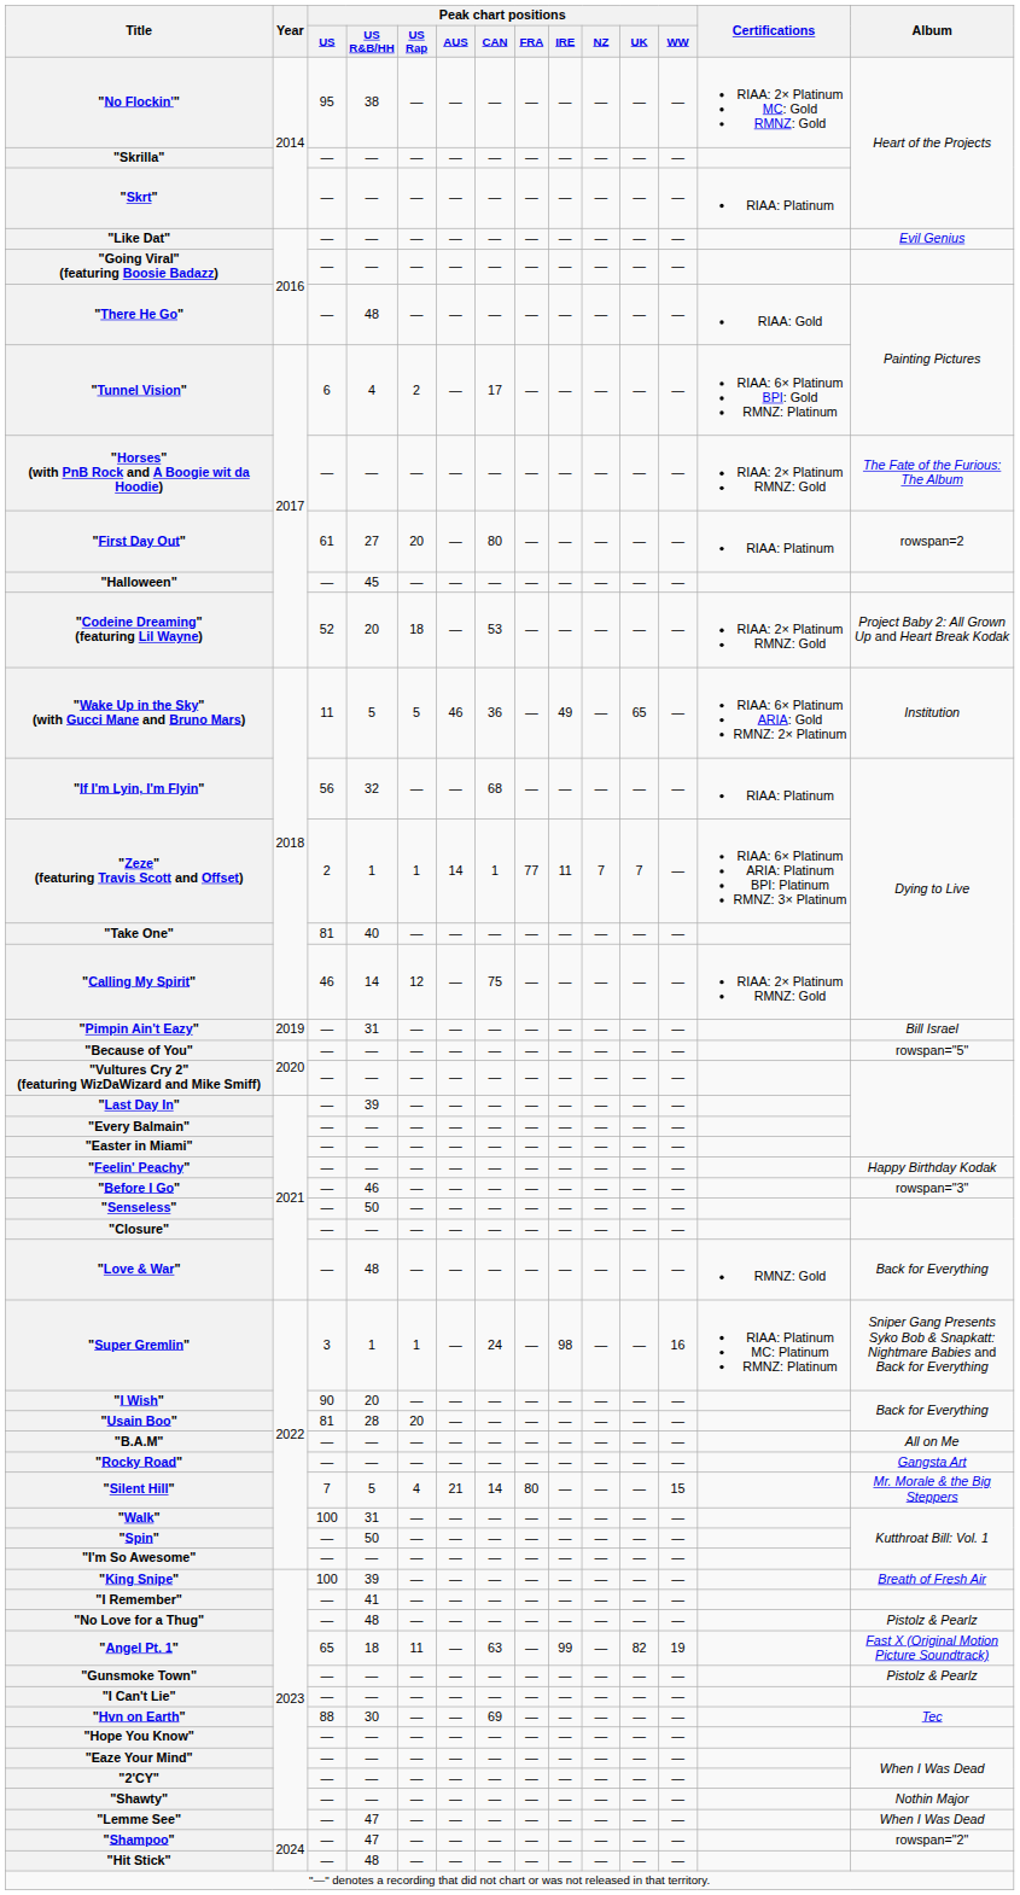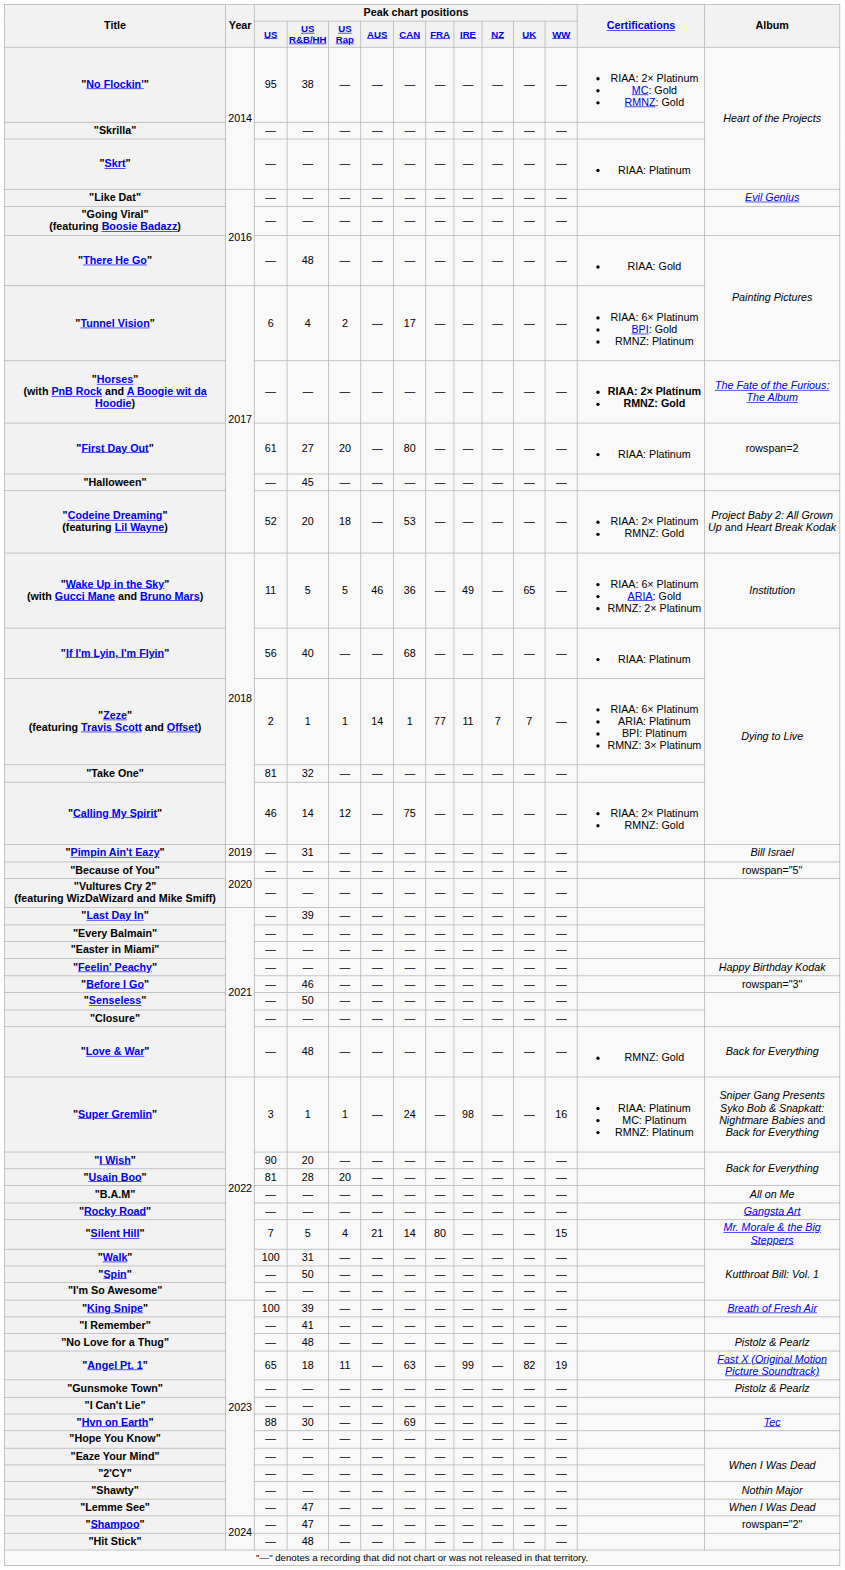 <table class="wikitable plainrowheaders" style="text-align:center;">
 <tr>
 <th rowspan="2" style="width:22em;">Title</th>
 <th scope="col" rowspan="2" style="width:1em;">Year</th>
 <th scope="col" colspan="10">Peak chart positions</th>
 <th scope="col" rowspan="2" style="width:12em;"><a href='#'>Certifications</a></th>
 <th scope="col" rowspan="2" style="width:13em;">Album</th>
 </tr>
 <tr>
 <th scope="col" style="width:3em;font-size:90%;"><a href='#'>US</a><br></th>
 <th scope="col" style="width:3em;font-size:90%;"><a href='#'>US R&B/HH</a><br></th>
 <th scope="col" style="width:3em;font-size:90%;"><a href='#'>US<br>Rap</a><br></th>
 <th scope="col" style="width:3em;font-size:90%;"><a href='#'>AUS</a><br></th>
 <th scope="col" style="width:3em;font-size:90%;"><a href='#'>CAN</a><br></th>
 <th scope="col" style="width:2.5em;font-size:90%;"><a href='#'>FRA</a><br></th>
 <th scope="col" style="width:2.5em;font-size:90%;"><a href='#'>IRE</a><br></th>
 <th scope="col" style="width: 3em; font-size: 90%;"><a href='#'>NZ</a><br></th>
 <th scope="col" style="width:3em;font-size:90%;"><a href='#'>UK</a><br></th>
 <th scope="col" style="width:3em;font-size:90%;"><a href='#'>WW</a><br></th>
 </tr>
 <tr>
 <th scope="row">"<a href='#'>No Flockin'</a>"</th>
 <td rowspan="3">2014</td>
 <td>95</td>
 <td>38</td>
 <td>—</td>
 <td>—</td>
 <td>—</td>
 <td>—</td>
 <td>—</td>
 <td>—</td>
 <td>—</td>
 <td>—</td>
 <td><br><ul><li>RIAA: 2× Platinum</li><li><a href='#'>MC</a>: Gold</li><li><a href='#'>RMNZ</a>: Gold</li></ul></td>
 <td rowspan="3"><em>Heart of the Projects</em></td>
 </tr>
 <tr>
 <th scope="row">"Skrilla"</th>
 <td>—</td>
 <td>—</td>
 <td>—</td>
 <td>—</td>
 <td>—</td>
 <td>—</td>
 <td>—</td>
 <td>—</td>
 <td>—</td>
 <td>—</td>
 <td></td>
 </tr>
 <tr>
 <th scope="row">"<a href='#'>Skrt</a>"</th>
 <td>—</td>
 <td>—</td>
 <td>—</td>
 <td>—</td>
 <td>—</td>
 <td>—</td>
 <td>—</td>
 <td>—</td>
 <td>—</td>
 <td>—</td>
 <td><br><ul><li>RIAA: Platinum</li></ul></td>
 </tr>
 <tr>
 <th scope="row">"Like Dat"</th>
 <td rowspan="3">2016</td>
 <td>—</td>
 <td>—</td>
 <td>—</td>
 <td>—</td>
 <td>—</td>
 <td>—</td>
 <td>—</td>
 <td>—</td>
 <td>—</td>
 <td>—</td>
 <td></td>
 <td><em><a href='#'>Evil Genius</a></em></td>
 </tr>
 <tr>
 <th scope="row">"Going Viral" <br><span>(featuring <a href='#'>Boosie Badazz</a>)</span></th>
 <td>—</td>
 <td>—</td>
 <td>—</td>
 <td>—</td>
 <td>—</td>
 <td>—</td>
 <td>—</td>
 <td>—</td>
 <td>—</td>
 <td>—</td>
 <td></td>
 <td></td>
 </tr>
 <tr>
 <th scope="row">"<a href='#'>There He Go</a>"</th>
 <td>—</td>
 <td>48</td>
 <td>—</td>
 <td>—</td>
 <td>—</td>
 <td>—</td>
 <td>—</td>
 <td>—</td>
 <td>—</td>
 <td>—</td>
 <td><br><ul><li>RIAA: Gold</li></ul></td>
 <td rowspan="2"><em>Painting Pictures</em></td>
 </tr>
 <tr>
 <th scope="row">"<a href='#'>Tunnel Vision</a>"</th>
 <td rowspan="5">2017</td>
 <td>6</td>
 <td>4</td>
 <td>2</td>
 <td>—</td>
 <td>17</td>
 <td>—</td>
 <td>—</td>
 <td>—</td>
 <td>—</td>
 <td>—</td>
 <td><br><ul><li>RIAA: 6× Platinum</li><li><a href='#'>BPI</a>: Gold</li><li>RMNZ: Platinum</li></ul></td>
 </tr>
 <tr>
 <th scope="row">"<a href='#'>Horses</a>"<br><span>(with <a href='#'>PnB Rock</a> and <a href='#'>A Boogie wit da Hoodie</a>)</span></th>
 <td>—</td>
 <td>—</td>
 <td>—</td>
 <td>—</td>
 <td>—</td>
 <td>—</td>
 <td>—</td>
 <td>—</td>
 <td>—</td>
 <td>—</td>
-<td><br><ul><li>RIAA: 2× Platinum</li><li>RMNZ: Gold</li></ul></td>
+<td><strong><br><ul><li>RIAA: 2× Platinum</li><li>RMNZ: Gold</li></ul></strong></td>
 <td><em><a href='#'>The Fate of the Furious: The Album</a></em></td>
 </tr>
 <tr>
 <th scope="row">"<a href='#'>First Day Out</a>"</th>
 <td>61</td>
 <td>27</td>
 <td>20</td>
 <td>—</td>
 <td>80</td>
 <td>—</td>
 <td>—</td>
 <td>—</td>
 <td>—</td>
 <td>—</td>
 <td><br><ul><li>RIAA: Platinum</li></ul></td>
 <td>rowspan=2 </td>
 </tr>
 <tr>
 <th scope="row">"Halloween"</th>
 <td>—</td>
 <td>45</td>
 <td>—</td>
 <td>—</td>
 <td>—</td>
 <td>—</td>
 <td>—</td>
 <td>—</td>
 <td>—</td>
 <td>—</td>
 <td></td>
 </tr>
 <tr>
 <th scope="row">"<a href='#'>Codeine Dreaming</a>"<br><span>(featuring <a href='#'>Lil Wayne</a>)</span></th>
 <td>52</td>
 <td>20</td>
 <td>18</td>
 <td>—</td>
 <td>53</td>
 <td>—</td>
 <td>—</td>
 <td>—</td>
 <td>—</td>
 <td>—</td>
 <td><br><ul><li>RIAA: 2× Platinum</li><li>RMNZ: Gold</li></ul></td>
 <td><em>Project Baby 2: All Grown Up</em> and <em>Heart Break Kodak</em></td>
 </tr>
 <tr>
 <th scope="row">"<a href='#'>Wake Up in the Sky</a>"<br><span>(with <a href='#'>Gucci Mane</a> and <a href='#'>Bruno Mars</a>)</span></th>
 <td rowspan="5">2018</td>
 <td>11</td>
 <td>5</td>
 <td>5</td>
 <td>46</td>
 <td>36</td>
 <td>—</td>
 <td>49</td>
 <td>—</td>
 <td>65</td>
 <td>—</td>
 <td><br><ul><li>RIAA: 6× Platinum</li><li><a href='#'>ARIA</a>: Gold</li><li>RMNZ: 2× Platinum</li></ul></td>
 <td><em>Institution</em></td>
 </tr>
 <tr>
 <th scope="row">"<a href='#'>If I'm Lyin, I'm Flyin</a>"</th>
 <td>56</td>
-<td>32</td>
+<td>40</td>
 <td>—</td>
 <td>—</td>
 <td>68</td>
 <td>—</td>
 <td>—</td>
 <td>—</td>
 <td>—</td>
 <td>—</td>
 <td><br><ul><li>RIAA: Platinum</li></ul></td>
 <td rowspan="4"><em>Dying to Live</em></td>
 </tr>
 <tr>
 <th scope="row">"<a href='#'>Zeze</a>"<br><span>(featuring <a href='#'>Travis Scott</a> and <a href='#'>Offset</a>)</span></th>
 <td>2</td>
 <td>1</td>
 <td>1</td>
 <td>14</td>
 <td>1</td>
 <td>77</td>
 <td>11</td>
 <td>7</td>
 <td>7</td>
 <td>—</td>
 <td><br><ul><li>RIAA: 6× Platinum</li><li>ARIA: Platinum</li><li>BPI: Platinum</li><li>RMNZ: 3× Platinum</li></ul></td>
 </tr>
 <tr>
 <th scope="row">"Take One"</th>
 <td>81</td>
-<td>40</td>
+<td>32</td>
 <td>—</td>
 <td>—</td>
 <td>—</td>
 <td>—</td>
 <td>—</td>
 <td>—</td>
 <td>—</td>
 <td>—</td>
 <td></td>
 </tr>
 <tr>
 <th scope="row">"<a href='#'>Calling My Spirit</a>"</th>
 <td>46</td>
 <td>14</td>
 <td>12</td>
 <td>—</td>
 <td>75</td>
 <td>—</td>
 <td>—</td>
 <td>—</td>
 <td>—</td>
 <td>—</td>
 <td><br><ul><li>RIAA: 2× Platinum</li><li>RMNZ: Gold</li></ul></td>
 </tr>
 <tr>
 <th scope="row">"<a href='#'>Pimpin Ain't Eazy</a>"</th>
 <td>2019</td>
 <td>—</td>
 <td>31</td>
 <td>—</td>
 <td>—</td>
 <td>—</td>
 <td>—</td>
 <td>—</td>
 <td>—</td>
 <td>—</td>
 <td>—</td>
 <td></td>
 <td><em>Bill Israel</em></td>
 </tr>
 <tr>
 <th scope="row">"Because of You"</th>
 <td rowspan="2">2020</td>
 <td>—</td>
 <td>—</td>
 <td>—</td>
 <td>—</td>
 <td>—</td>
 <td>—</td>
 <td>—</td>
 <td>—</td>
 <td>—</td>
 <td>—</td>
 <td></td>
 <td>rowspan="5" </td>
 </tr>
 <tr>
 <th scope="row">"Vultures Cry 2"<br><span>(featuring WizDaWizard and Mike Smiff)</span></th>
 <td>—</td>
 <td>—</td>
 <td>—</td>
 <td>—</td>
 <td>—</td>
 <td>—</td>
 <td>—</td>
 <td>—</td>
 <td>—</td>
 <td>—</td>
 <td></td>
 </tr>
 <tr>
 <th scope="row">"<a href='#'>Last Day In</a>"</th>
 <td rowspan="8">2021</td>
 <td>—</td>
 <td>39</td>
 <td>—</td>
 <td>—</td>
 <td>—</td>
 <td>—</td>
 <td>—</td>
 <td>—</td>
 <td>—</td>
 <td>—</td>
 <td></td>
 </tr>
 <tr>
 <th scope="row">"Every Balmain"</th>
 <td>—</td>
 <td>—</td>
 <td>—</td>
 <td>—</td>
 <td>—</td>
 <td>—</td>
 <td>—</td>
 <td>—</td>
 <td>—</td>
 <td>—</td>
 <td></td>
 </tr>
 <tr>
 <th scope="row">"Easter in Miami"</th>
 <td>—</td>
 <td>—</td>
 <td>—</td>
 <td>—</td>
 <td>—</td>
 <td>—</td>
 <td>—</td>
 <td>—</td>
 <td>—</td>
 <td>—</td>
 <td></td>
 </tr>
 <tr>
 <th scope="row">"<a href='#'>Feelin' Peachy</a>"</th>
 <td>—</td>
 <td>—</td>
 <td>—</td>
 <td>—</td>
 <td>—</td>
 <td>—</td>
 <td>—</td>
 <td>—</td>
 <td>—</td>
 <td>—</td>
 <td></td>
 <td><em>Happy Birthday Kodak</em></td>
 </tr>
 <tr>
 <th scope="row">"<a href='#'>Before I Go</a>"<br></th>
 <td>—</td>
 <td>46</td>
 <td>—</td>
 <td>—</td>
 <td>—</td>
 <td>—</td>
 <td>—</td>
 <td>—</td>
 <td>—</td>
 <td>—</td>
 <td></td>
 <td>rowspan="3" </td>
 </tr>
 <tr>
 <th scope="row">"<a href='#'>Senseless</a>"</th>
 <td>—</td>
 <td>50</td>
 <td>—</td>
 <td>—</td>
 <td>—</td>
 <td>—</td>
 <td>—</td>
 <td>—</td>
 <td>—</td>
 <td>—</td>
 <td></td>
 </tr>
 <tr>
 <th scope="row">"Closure"</th>
 <td>—</td>
 <td>—</td>
 <td>—</td>
 <td>—</td>
 <td>—</td>
 <td>—</td>
 <td>—</td>
 <td>—</td>
 <td>—</td>
 <td>—</td>
 <td></td>
 </tr>
 <tr>
 <th scope="row">"<a href='#'>Love & War</a>"</th>
 <td>—</td>
 <td>48</td>
 <td>—</td>
 <td>—</td>
 <td>—</td>
 <td>—</td>
 <td>—</td>
 <td>—</td>
 <td>—</td>
 <td>—</td>
 <td><br><ul><li>RMNZ: Gold</li></ul></td>
 <td><em>Back for Everything</em></td>
 </tr>
 <tr>
 <th scope="row">"<a href='#'>Super Gremlin</a>"</th>
 <td rowspan="9">2022</td>
 <td>3</td>
 <td>1</td>
 <td>1</td>
 <td>—</td>
 <td>24</td>
 <td>—</td>
 <td>98</td>
 <td>—</td>
 <td>—</td>
 <td>16</td>
 <td><br><ul><li>RIAA: Platinum</li><li>MC: Platinum</li><li>RMNZ: Platinum</li></ul></td>
 <td><em>Sniper Gang Presents Syko Bob & Snapkatt: Nightmare Babies</em> and <em>Back for Everything</em></td>
 </tr>
 <tr>
 <th scope="row">"<a href='#'>I Wish</a>"</th>
 <td>90</td>
 <td>20</td>
 <td>—</td>
 <td>—</td>
 <td>—</td>
 <td>—</td>
 <td>—</td>
 <td>—</td>
 <td>—</td>
 <td>—</td>
 <td></td>
 <td rowspan="2"><em>Back for Everything</em></td>
 </tr>
 <tr>
 <th scope="row">"<a href='#'>Usain Boo</a>"</th>
 <td>81</td>
 <td>28</td>
 <td>20</td>
 <td>—</td>
 <td>—</td>
 <td>—</td>
 <td>—</td>
 <td>—</td>
 <td>—</td>
 <td>—</td>
 <td></td>
 </tr>
 <tr>
 <th scope="row">"B.A.M"<br></th>
 <td>—</td>
 <td>—</td>
 <td>—</td>
 <td>—</td>
 <td>—</td>
 <td>—</td>
 <td>—</td>
 <td>—</td>
 <td>—</td>
 <td>—</td>
 <td></td>
 <td><em>All on Me</em></td>
 </tr>
 <tr>
 <th scope="row">"<a href='#'>Rocky Road</a>"<br></th>
 <td>—</td>
 <td>—</td>
 <td>—</td>
 <td>—</td>
 <td>—</td>
 <td>—</td>
 <td>—</td>
 <td>—</td>
 <td>—</td>
 <td>—</td>
 <td></td>
 <td><em><a href='#'>Gangsta Art</a></em></td>
 </tr>
 <tr>
 <th scope="row">"<a href='#'>Silent Hill</a>"<br></th>
 <td>7</td>
 <td>5</td>
 <td>4</td>
 <td>21</td>
 <td>14</td>
 <td>80</td>
 <td>—</td>
 <td>—</td>
 <td>—</td>
 <td>15</td>
 <td></td>
 <td><em><a href='#'>Mr. Morale & the Big Steppers</a></em></td>
 </tr>
 <tr>
 <th scope="row">"<a href='#'>Walk</a>"</th>
 <td>100</td>
 <td>31</td>
 <td>—</td>
 <td>—</td>
 <td>—</td>
 <td>—</td>
 <td>—</td>
 <td>—</td>
 <td>—</td>
 <td>—</td>
 <td></td>
 <td rowspan="3"><em>Kutthroat Bill: Vol. 1</em></td>
 </tr>
 <tr>
 <th scope="row">"<a href='#'>Spin</a>"</th>
 <td>—</td>
 <td>50</td>
 <td>—</td>
 <td>—</td>
 <td>—</td>
 <td>—</td>
 <td>—</td>
 <td>—</td>
 <td>—</td>
 <td>—</td>
 <td></td>
 </tr>
 <tr>
 <th scope="row">"I'm So Awesome"</th>
 <td>—</td>
 <td>—</td>
 <td>—</td>
 <td>—</td>
 <td>—</td>
 <td>—</td>
 <td>—</td>
 <td>—</td>
 <td>—</td>
 <td>—</td>
 <td></td>
 </tr>
 <tr>
 <th scope="row">"<a href='#'>King Snipe</a>"<br></th>
 <td rowspan="12">2023</td>
 <td>100</td>
 <td>39</td>
 <td>—</td>
 <td>—</td>
 <td>—</td>
 <td>—</td>
 <td>—</td>
 <td>—</td>
 <td>—</td>
 <td>—</td>
 <td></td>
 <td><em><a href='#'>Breath of Fresh Air</a></em></td>
 </tr>
 <tr>
 <th scope="row">"I Remember"<br></th>
 <td>—</td>
 <td>41</td>
 <td>—</td>
 <td>—</td>
 <td>—</td>
 <td>—</td>
 <td>—</td>
 <td>—</td>
 <td>—</td>
 <td>—</td>
 <td></td>
 <td></td>
 </tr>
 <tr>
 <th scope="row">"No Love for a Thug"</th>
 <td>—</td>
 <td>48</td>
 <td>—</td>
 <td>—</td>
 <td>—</td>
 <td>—</td>
 <td>—</td>
 <td>—</td>
 <td>—</td>
 <td>—</td>
 <td></td>
 <td><em>Pistolz & Pearlz</em></td>
 </tr>
 <tr>
 <th scope="row">"<a href='#'>Angel Pt. 1</a>"<br></th>
 <td>65</td>
 <td>18</td>
 <td>11</td>
 <td>—</td>
 <td>63</td>
 <td>—</td>
 <td>99</td>
 <td>—</td>
 <td>82</td>
 <td>19</td>
 <td></td>
 <td><em><a href='#'>Fast X (Original Motion Picture Soundtrack)</a></em></td>
 </tr>
 <tr>
 <th scope="row">"Gunsmoke Town"</th>
 <td>—</td>
 <td>—</td>
 <td>—</td>
 <td>—</td>
 <td>—</td>
 <td>—</td>
 <td>—</td>
 <td>—</td>
 <td>—</td>
 <td>—</td>
 <td></td>
 <td><em>Pistolz & Pearlz</em></td>
 </tr>
 <tr>
 <th scope="row">"I Can't Lie"<br></th>
 <td>—</td>
 <td>—</td>
 <td>—</td>
 <td>—</td>
 <td>—</td>
 <td>—</td>
 <td>—</td>
 <td>—</td>
 <td>—</td>
 <td>—</td>
 <td></td>
 <td></td>
 </tr>
 <tr>
 <th scope="row">"<a href='#'>Hvn on Earth</a>"<br></th>
 <td>88</td>
 <td>30</td>
 <td>—</td>
 <td>—</td>
 <td>69</td>
 <td>—</td>
 <td>—</td>
 <td>—</td>
 <td>—</td>
 <td>—</td>
 <td></td>
 <td><em><a href='#'>Tec</a></em></td>
 </tr>
 <tr>
 <th scope="row">"Hope You Know"</th>
 <td>—</td>
 <td>—</td>
 <td>—</td>
 <td>—</td>
 <td>—</td>
 <td>—</td>
 <td>—</td>
 <td>—</td>
 <td>—</td>
 <td>—</td>
 <td></td>
 <td></td>
 </tr>
 <tr>
 <th scope="row">"Eaze Your Mind"</th>
 <td>—</td>
 <td>—</td>
 <td>—</td>
 <td>—</td>
 <td>—</td>
 <td>—</td>
 <td>—</td>
 <td>—</td>
 <td>—</td>
 <td>—</td>
 <td></td>
 <td rowspan="2"><em>When I Was Dead</em></td>
 </tr>
 <tr>
 <th scope="row">"2'CY"</th>
 <td>—</td>
 <td>—</td>
 <td>—</td>
 <td>—</td>
 <td>—</td>
 <td>—</td>
 <td>—</td>
 <td>—</td>
 <td>—</td>
 <td>—</td>
 <td></td>
 </tr>
 <tr>
 <th scope="row">"Shawty"<br></th>
 <td>—</td>
 <td>—</td>
 <td>—</td>
 <td>—</td>
 <td>—</td>
 <td>—</td>
 <td>—</td>
 <td>—</td>
 <td>—</td>
 <td>—</td>
 <td></td>
 <td><em>Nothin Major</em></td>
 </tr>
 <tr>
 <th scope="row">"Lemme See"</th>
 <td>—</td>
 <td>47</td>
 <td>—</td>
 <td>—</td>
 <td>—</td>
 <td>—</td>
 <td>—</td>
 <td>—</td>
 <td>—</td>
 <td>—</td>
 <td></td>
 <td><em>When I Was Dead</em></td>
 </tr>
 <tr>
 <th scope="row">"<a href='#'>Shampoo</a>"</th>
 <td rowspan="2">2024</td>
 <td>—</td>
 <td>47</td>
 <td>—</td>
 <td>—</td>
 <td>—</td>
 <td>—</td>
 <td>—</td>
 <td>—</td>
 <td>—</td>
 <td>—</td>
 <td></td>
 <td>rowspan="2" </td>
 </tr>
 <tr>
 <th scope="row">"Hit Stick"</th>
 <td>—</td>
 <td>48</td>
 <td>—</td>
 <td>—</td>
 <td>—</td>
 <td>—</td>
 <td>—</td>
 <td>—</td>
 <td>—</td>
 <td>—</td>
 <td></td>
 </tr>
 <tr>
 <td colspan="14" style="font-size:90%">"—" denotes a recording that did not chart or was not released in that territory.</td>
 </tr>
 </table>
